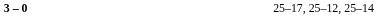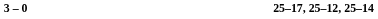 <table width=100% cellspacing=1>
 <tr>
 <th width=20%></th>
 <th width=12%></th>
 <th width=20%></th>
 <th width=33%></th>
 <td></td>
 </tr>
 <tr style=font-size:95%>
 <td align=right><strong></strong></td>
 <td align=center><strong>3 – 0</strong></td>
 <td></td>
-<td>25–17, 25–12, 25–14</td>
+<td><strong>25–17, 25–12, 25–14</strong></td>
 </tr>
 </table>
